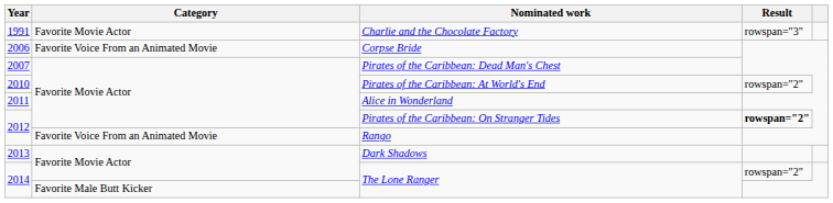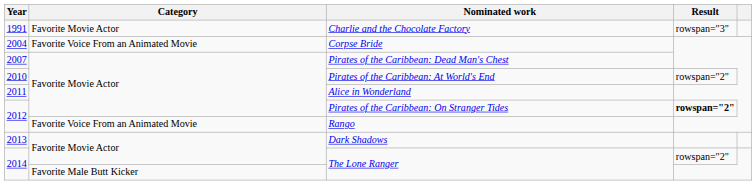 <table class="wikitable sortable">
 <tr>
 <th scope="col" style="width:1em;">Year</th>
 <th scope="col" style="width:29em;">Category</th>
 <th scope="col" style="width:34em;">Nominated work</th>
 <th scope="col" style="width:5em;">Result</th>
 <th scope="col" class="unsortable" style="width:1em;"></th>
 </tr>
 <tr>
 <td><a href='#'>1991</a></td>
 <td>Favorite Movie Actor</td>
 <td><em><a href='#'>Charlie and the Chocolate Factory</a></em></td>
 <td>rowspan="3" </td>
 <td></td>
 </tr>
 <tr>
-<td><a href='#'>2006</a></td>
+<td><a href='#'>2004</a></td>
 <td>Favorite Voice From an Animated Movie</td>
 <td><em><a href='#'>Corpse Bride</a></em></td>
 </tr>
 <tr>
 <td><a href='#'>2007</a></td>
 <td rowspan="4">Favorite Movie Actor</td>
 <td><em><a href='#'>Pirates of the Caribbean: Dead Man's Chest</a></em></td>
 </tr>
 <tr>
 <td><a href='#'>2010</a></td>
 <td><em><a href='#'>Pirates of the Caribbean: At World's End</a></em></td>
 <td>rowspan="2" </td>
 </tr>
 <tr>
 <td><a href='#'>2011</a></td>
 <td><em><a href='#'>Alice in Wonderland</a></em></td>
 </tr>
 <tr>
 <td rowspan="2"><a href='#'>2012</a></td>
 <td><em><a href='#'>Pirates of the Caribbean: On Stranger Tides</a></em></td>
 <td><strong>rowspan="2" </strong></td>
 </tr>
 <tr>
 <td>Favorite Voice From an Animated Movie</td>
 <td><a href='#'><em>Rango</em></a></td>
 </tr>
 <tr>
 <td><a href='#'>2013</a></td>
 <td rowspan="2">Favorite Movie Actor</td>
 <td><a href='#'><em>Dark Shadows</em></a></td>
 <td></td>
 <td></td>
 </tr>
 <tr>
 <td rowspan="2"><a href='#'>2014</a></td>
 <td rowspan="2"><a href='#'><em>The Lone Ranger</em></a></td>
 <td>rowspan="2" </td>
 </tr>
 <tr>
 <td>Favorite Male Butt Kicker</td>
 </tr>
 </table>
